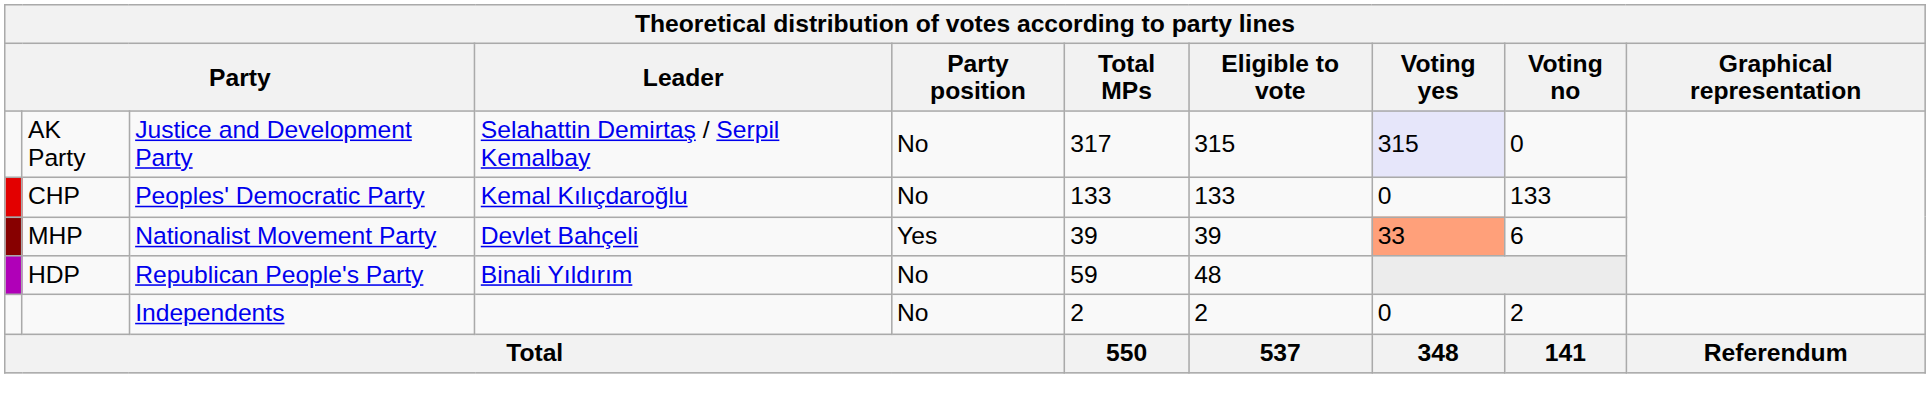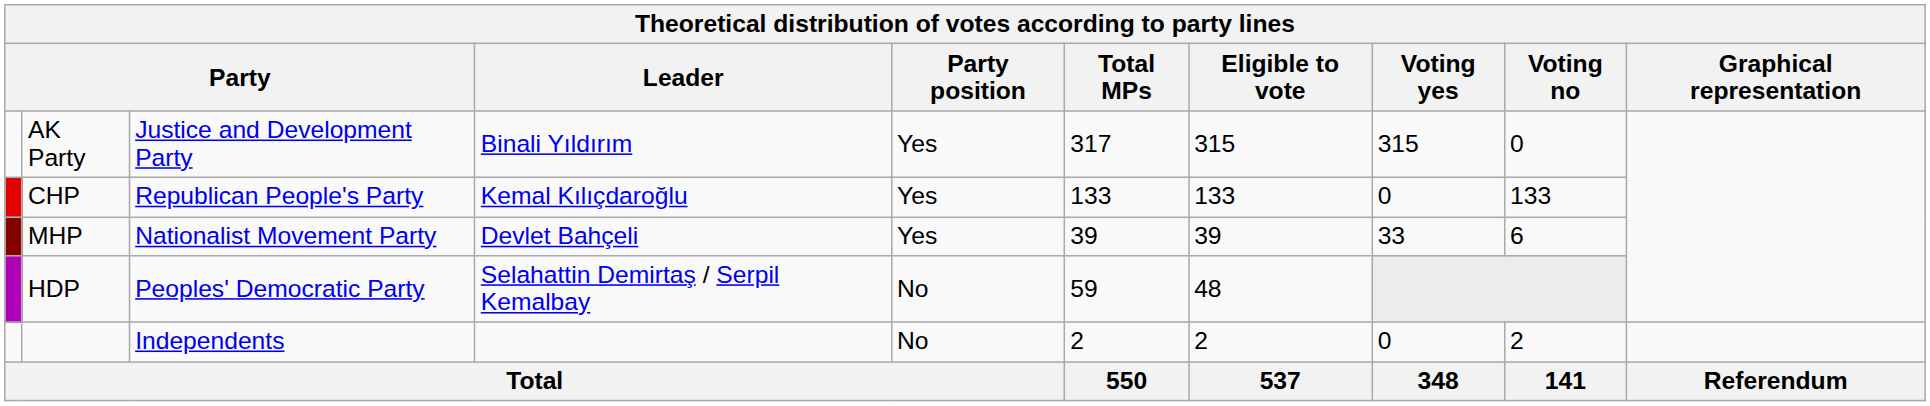 <table class=wikitable>
 <tr>
 <th colspan=10>Theoretical distribution of votes according to party lines</th>
 </tr>
 <tr>
 <th colspan="3">Party</th>
 <th>Leader</th>
 <th>Party position</th>
 <th>Total MPs</th>
 <th>Eligible to vote</th>
 <th>Voting yes</th>
 <th>Voting no</th>
 <th>Graphical representation</th>
 </tr>
 <tr>
 <td style="background:"></td>
 <td>AK Party</td>
 <td><a href='#'>Justice and Development Party</a></td>
-<td><a href='#'>Selahattin Demirtaş</a> / <a href='#'>Serpil Kemalbay</a></td>
-<td> No</td>
+<td><a href='#'>Binali Yıldırım</a></td>
+<td> Yes</td>
 <td>317</td>
 <td>315</td>
-<td style="background: lavender;">315</td>
+<td>315</td>
 <td>0</td>
 <td rowspan=4></td>
 </tr>
 <tr>
 <td style="background:#e30000; width:4px; text-align:center;"></td>
 <td>CHP</td>
-<td><a href='#'>Peoples' Democratic Party</a></td>
+<td><a href='#'>Republican People's Party</a></td>
 <td><a href='#'>Kemal Kılıçdaroğlu</a></td>
-<td> No</td>
+<td> Yes</td>
 <td>133</td>
 <td>133</td>
 <td>0</td>
 <td>133</td>
 </tr>
 <tr>
 <td style="background:#870000; width:4px; text-align:center;"></td>
 <td>MHP</td>
 <td><a href='#'>Nationalist Movement Party</a></td>
 <td><a href='#'>Devlet Bahçeli</a></td>
 <td> Yes</td>
 <td>39</td>
 <td>39</td>
-<td style="background: lightsalmon;">33</td>
+<td>33</td>
 <td>6</td>
 </tr>
 <tr>
 <td style="background:#b000b8; width:4px; text-align:center;"></td>
 <td>HDP</td>
-<td><a href='#'>Republican People's Party</a></td>
-<td><a href='#'>Binali Yıldırım</a></td>
+<td><a href='#'>Peoples' Democratic Party</a></td>
+<td><a href='#'>Selahattin Demirtaş</a> / <a href='#'>Serpil Kemalbay</a></td>
 <td> No</td>
 <td>59</td>
 <td>48</td>
 <td style="background:#ececec" colspan=2></td>
 </tr>
 <tr>
 <td style="background:"></td>
 <td></td>
 <td><a href='#'>Independents</a></td>
 <td></td>
 <td> No </td>
 <td>2</td>
 <td>2</td>
 <td>0</td>
 <td>2</td>
 <td></td>
 </tr>
 <tr>
 <th colspan=5>Total</th>
 <th>550</th>
 <th>537</th>
 <th>348</th>
 <th>141</th>
 <th> Referendum</th>
 </tr>
 </table>
